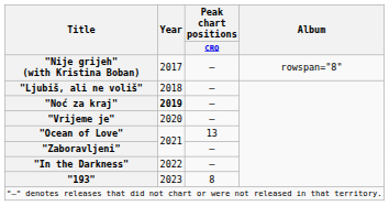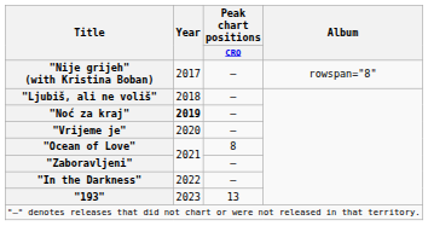 <table class="wikitable plainrowheaders" style="text-align:center;">
 <tr>
 <th scope="col" rowspan="2" style="width:16em;">Title</th>
 <th scope="col" rowspan="2" style="width:1em;">Year</th>
 <th scope="col" colspan="1">Peak chart positions</th>
 <th scope="col" rowspan="2">Album</th>
 </tr>
 <tr>
 <th scope="col" style="width:3em;font-size:85%;"><a href='#'>CRO</a><br></th>
 </tr>
 <tr>
 <th scope="row">"Nije grijeh"<br><span>(with Kristina Boban)</span></th>
 <td>2017</td>
 <td>—</td>
 <td>rowspan="8" </td>
 </tr>
 <tr>
 <th scope="row">"Ljubiš, ali ne voliš"</th>
 <td>2018</td>
 <td>—</td>
 </tr>
 <tr>
 <th scope="row">"Noć za kraj"</th>
 <td><strong>2019</strong></td>
 <td>—</td>
 </tr>
 <tr>
 <th scope="row">"Vrijeme je"</th>
 <td>2020</td>
 <td>—</td>
 </tr>
 <tr>
 <th scope="row">"Ocean of Love"</th>
 <td rowspan="2">2021</td>
-<td>13</td>
+<td>8</td>
 </tr>
 <tr>
 <th scope="row">"Zaboravljeni"</th>
 <td>—</td>
 </tr>
 <tr>
 <th scope="row">"In the Darkness"</th>
 <td>2022</td>
 <td>—</td>
 </tr>
 <tr>
 <th scope="row">"193"</th>
 <td>2023</td>
-<td>8</td>
+<td>13</td>
 </tr>
 <tr>
 <td colspan="22" style="text-align:center; font-size:85%;">"—" denotes releases that did not chart or were not released in that territory.</td>
 </tr>
 </table>
